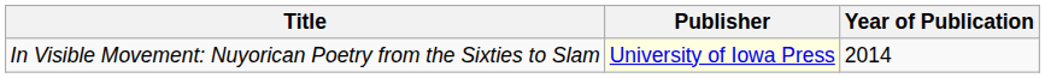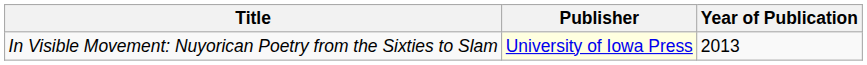 <table class="wikitable">
 <tr>
 <th>Title</th>
 <th>Publisher</th>
 <th>Year of Publication</th>
 </tr>
 <tr>
 <td><em>In Visible Movement: Nuyorican Poetry from the Sixties to Slam</em></td>
 <td style="background: lightyellow;"><a href='#'>University of Iowa Press</a></td>
-<td>2014</td>
+<td>2013</td>
 </tr>
 </table>
